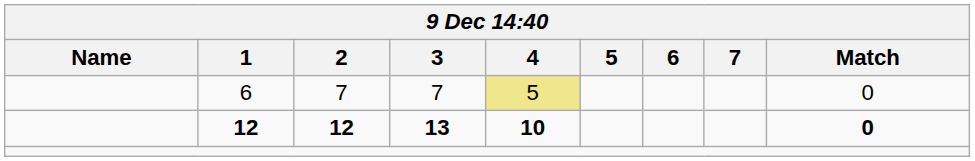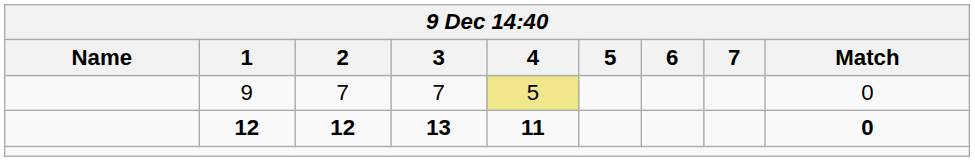 <table class=wikitable style="text-align:center; width: 55%">
 <tr>
 <th colspan=17><em>9 Dec 14:40</em></th>
 </tr>
 <tr>
 <th>Name</th>
 <th>1</th>
 <th>2</th>
 <th>3</th>
 <th>4</th>
 <th>5</th>
 <th>6</th>
 <th>7</th>
 <th>Match</th>
 </tr>
 <tr>
 <td style="text-align:left;"></td>
-<td>6</td>
+<td>9</td>
 <td>7</td>
 <td>7</td>
 <td style="background: khaki;">5</td>
 <td></td>
 <td></td>
 <td></td>
 <td>0</td>
 </tr>
 <tr>
 <td style="text-align:left;"><strong></strong></td>
 <td><strong>12</strong></td>
 <td><strong>12</strong></td>
 <td><strong>13</strong></td>
-<td><strong>10</strong></td>
+<td><strong>11</strong></td>
 <td></td>
 <td></td>
 <td></td>
 <td><strong>0</strong></td>
 </tr>
 <tr>
 <td colspan=17></td>
 </tr>
 </table>
